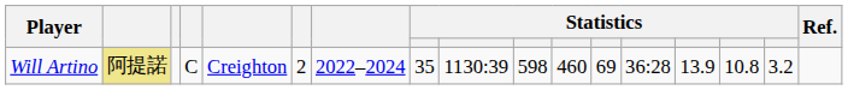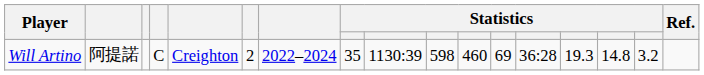 <table class="wikitable sortable" style="font-size:95%; text-align:right;">
 <tr>
 <th rowspan="2">Player</th>
 <th rowspan="2"></th>
 <th rowspan="2"></th>
 <th rowspan="2"></th>
 <th rowspan="2"></th>
 <th rowspan="2"></th>
 <th rowspan="2"></th>
 <th colspan="9">Statistics</th>
 <th rowspan="2">Ref.</th>
 </tr>
 <tr>
 <th></th>
 <th></th>
 <th></th>
 <th></th>
 <th></th>
 <th></th>
 <th></th>
 <th></th>
 <th></th>
 </tr>
 <tr>
 <td align="left"><em><a href='#'>Will Artino</a></em></td>
-<td align="left" style="background: khaki;">阿提諾</td>
+<td align="left">阿提諾</td>
 <td align="center"></td>
 <td align="center">C</td>
 <td align="left"><a href='#'>Creighton</a></td>
 <td align="center">2</td>
 <td align="center"><a href='#'>2022</a>–<a href='#'>2024</a></td>
 <td>35</td>
 <td>1130:39</td>
 <td>598</td>
 <td>460</td>
 <td>69</td>
 <td>36:28</td>
-<td>13.9</td>
-<td>10.8</td>
+<td>19.3</td>
+<td>14.8</td>
 <td>3.2</td>
 <td align="center"></td>
 </tr>
 </table>
